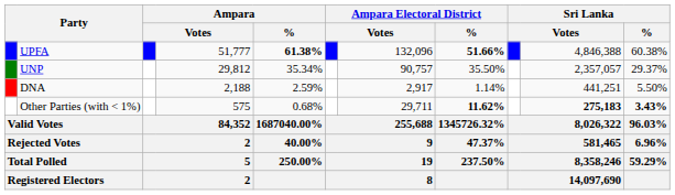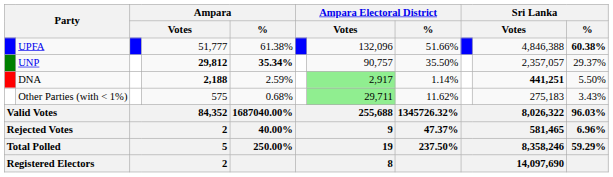 <table class="wikitable">
 <tr>
 <th colspan="2" width="144px"rowspan="2">Party</th>
 <th colspan="3" width="216px">Ampara</th>
 <th colspan="3" width="216px"><a href='#'>Ampara Electoral District</a></th>
 <th colspan="3" width="216px">Sri Lanka</th>
 </tr>
 <tr>
 <th colspan="2" width="144px">Votes</th>
 <th>%</th>
 <th colspan="2" width="144px">Votes</th>
 <th>%</th>
 <th colspan="2" width="144px">Votes</th>
 <th>%</th>
 </tr>
 <tr>
 <td style="background-color:blue;" width="10px"></td>
 <td style="text-align:left;"><a href='#'>UPFA</a></td>
 <td style="background-color:blue;" width="10px"></td>
 <td style="text-align:right;">51,777</td>
-<td style="text-align:right;"><strong>61.38%</strong></td>
+<td style="text-align:right;">61.38%</td>
 <td style="background-color:blue;" width="10px"></td>
 <td style="text-align:right;">132,096</td>
-<td style="text-align:right;"><strong>51.66%</strong></td>
+<td style="text-align:right;">51.66%</td>
 <td style="background-color:blue;" width="10px"></td>
 <td style="text-align:right;">4,846,388</td>
-<td style="text-align:right;">60.38%</td>
+<td style="text-align:right;"><strong>60.38%</strong></td>
 </tr>
 <tr>
 <td style="background-color:green;" width="10px"></td>
 <td style="text-align:left;"><a href='#'>UNP</a></td>
 <td style="background-color:white;" width="10px"></td>
-<td style="text-align:right;">29,812</td>
-<td style="text-align:right;">35.34%</td>
+<td style="text-align:right;"><strong>29,812</strong></td>
+<td style="text-align:right;"><strong>35.34%</strong></td>
 <td style="background-color:white;" width="10px"></td>
 <td style="text-align:right;">90,757</td>
 <td style="text-align:right;">35.50%</td>
 <td style="background-color:white;" width="10px"></td>
 <td style="text-align:right;">2,357,057</td>
 <td style="text-align:right;">29.37%</td>
 </tr>
 <tr>
 <td style="background-color:red;" width="10px"></td>
 <td style="text-align:left;">DNA</td>
 <td style="background-color:white;" width="10px"></td>
-<td style="text-align:right;">2,188</td>
+<td style="text-align:right;"><strong>2,188</strong></td>
 <td style="text-align:right;">2.59%</td>
 <td style="background-color:white;" width="10px"></td>
-<td style="text-align:right;">2,917</td>
+<td style="background: lightgreen; text-align:right;">2,917</td>
 <td style="text-align:right;">1.14%</td>
 <td style="background-color:white;" width="10px"></td>
-<td style="text-align:right;">441,251</td>
+<td style="text-align:right;"><strong>441,251</strong></td>
 <td style="text-align:right;">5.50%</td>
 </tr>
 <tr>
 <td style="background-color:white;" width="10px"></td>
 <td style="text-align:left;">Other Parties (with < 1%)</td>
 <td style="background-color:white;" width="10px"></td>
 <td style="text-align:right;">575</td>
 <td style="text-align:right;">0.68%</td>
 <td style="background-color:white;" width="10px"></td>
-<td style="text-align:right;">29,711</td>
-<td style="text-align:right;"><strong>11.62%</strong></td>
+<td style="background: lightgreen; text-align:right;">29,711</td>
+<td style="text-align:right;">11.62%</td>
 <td style="background-color:white;" width="10px"></td>
-<td style="text-align:right;"><strong>275,183</strong></td>
-<td style="text-align:right;"><strong>3.43%</strong></td>
+<td style="text-align:right;">275,183</td>
+<td style="text-align:right;">3.43%</td>
 </tr>
 <tr>
 <th colspan="2" width="144px"style="text-align:left;">Valid Votes</th>
 <th style="text-align:right;"colspan="2" width="144px">84,352</th>
 <th style="text-align:right;">1687040.00%</th>
 <th style="text-align:right;"colspan="2" width="144px">255,688</th>
 <th style="text-align:right;">1345726.32%</th>
 <th style="text-align:right;"colspan="2" width="144px">8,026,322</th>
 <th style="text-align:right;">96.03%</th>
 </tr>
 <tr>
 <th colspan="2" width="144px"style="text-align:left;">Rejected Votes</th>
 <th style="text-align:right;"colspan="2" width="144px">2</th>
 <th style="text-align:right;">40.00%</th>
 <th style="text-align:right;"colspan="2" width="144px">9</th>
 <th style="text-align:right;">47.37%</th>
 <th style="text-align:right;"colspan="2" width="144px">581,465</th>
 <th style="text-align:right;">6.96%</th>
 </tr>
 <tr>
 <th colspan="2" width="144px"style="text-align:left;">Total Polled</th>
 <th style="text-align:right;"colspan="2" width="144px">5</th>
 <th style="text-align:right;">250.00%</th>
 <th style="text-align:right;"colspan="2" width="144px">19</th>
 <th style="text-align:right;">237.50%</th>
 <th style="text-align:right;"colspan="2" width="144px">8,358,246</th>
 <th style="text-align:right;">59.29%</th>
 </tr>
 <tr>
 <th colspan="2" width="144px"style="text-align:left;">Registered Electors</th>
 <th style="text-align:right;"colspan="2" width="144px">2</th>
 <th></th>
 <th style="text-align:right;"colspan="2" width="144px">8</th>
 <th></th>
 <th style="text-align:right;"colspan="2" width="144px">14,097,690</th>
 <th></th>
 </tr>
 </table>
